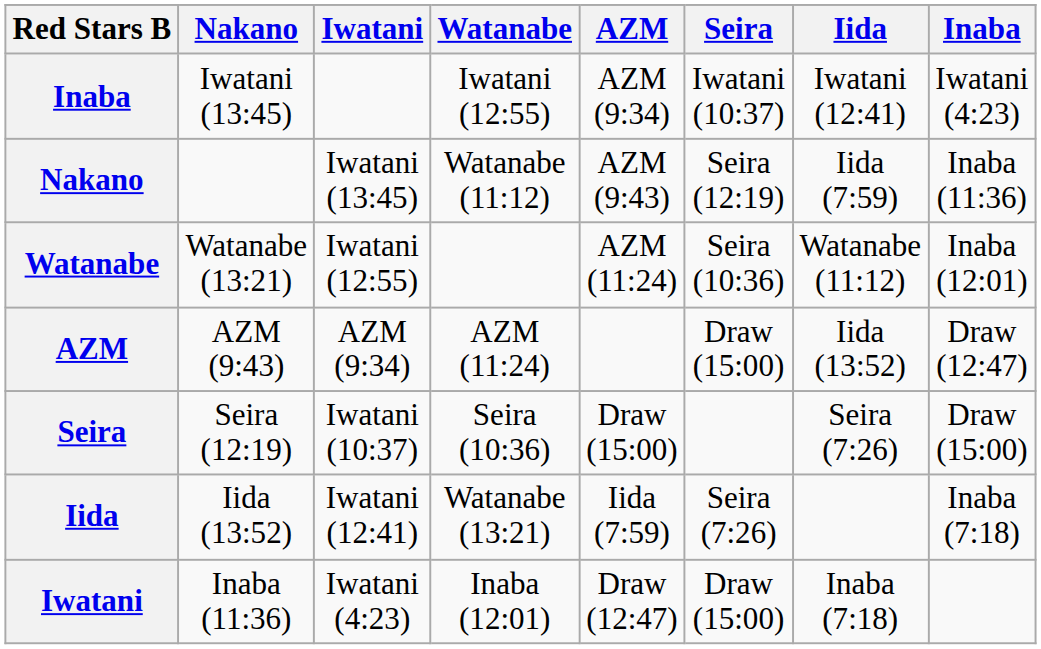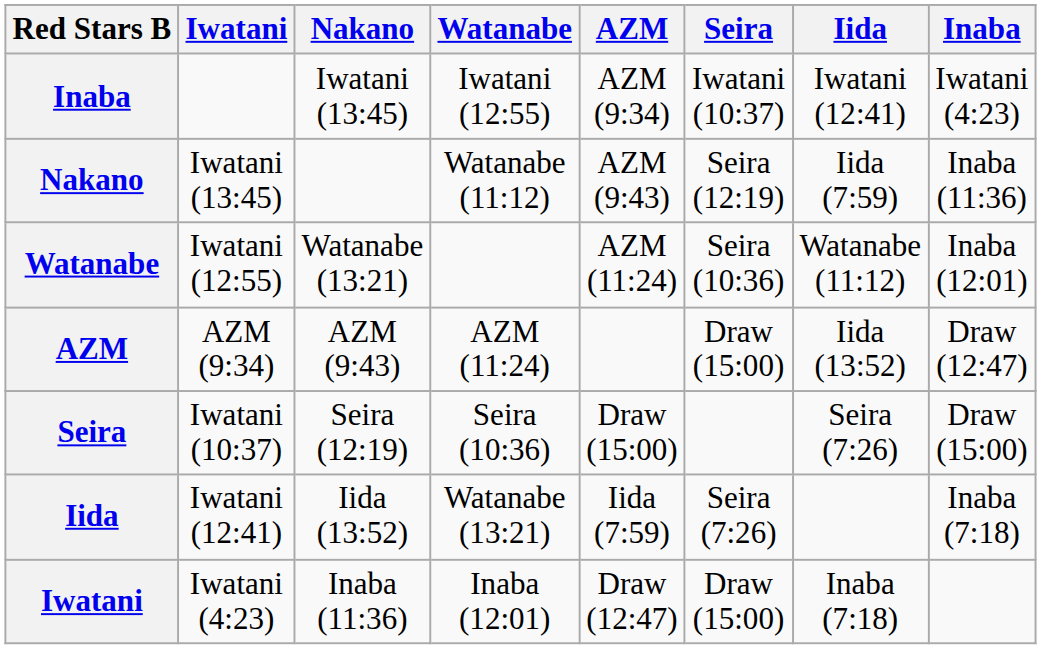 <table class="wikitable" style="text-align:center; margin: 1em auto 1em auto">
 <tr>
 <th>Red Stars B</th>
+<th><a href='#'>Iwatani</a></th>
 <th><a href='#'>Nakano</a></th>
-<th><a href='#'>Iwatani</a></th>
 <th><a href='#'>Watanabe</a></th>
 <th><a href='#'>AZM</a></th>
 <th><a href='#'>Seira</a></th>
 <th><a href='#'>Iida</a></th>
 <th><a href='#'>Inaba</a></th>
 </tr>
 <tr>
 <th><a href='#'>Inaba</a></th>
+<td></td>
 <td>Iwatani<br>(13:45)</td>
-<td></td>
 <td>Iwatani<br>(12:55)</td>
 <td>AZM<br>(9:34)</td>
 <td>Iwatani<br>(10:37)</td>
 <td>Iwatani<br>(12:41)</td>
 <td>Iwatani<br>(4:23)</td>
 </tr>
 <tr>
 <th><a href='#'>Nakano</a></th>
+<td>Iwatani<br>(13:45)</td>
 <td></td>
-<td>Iwatani<br>(13:45)</td>
 <td>Watanabe<br>(11:12)</td>
 <td>AZM<br>(9:43)</td>
 <td>Seira<br>(12:19)</td>
 <td>Iida<br>(7:59)</td>
 <td>Inaba<br>(11:36)</td>
 </tr>
 <tr>
 <th><a href='#'>Watanabe</a></th>
+<td>Iwatani<br>(12:55)</td>
 <td>Watanabe<br>(13:21)</td>
-<td>Iwatani<br>(12:55)</td>
 <td></td>
 <td>AZM<br>(11:24)</td>
 <td>Seira<br>(10:36)</td>
 <td>Watanabe<br>(11:12)</td>
 <td>Inaba<br>(12:01)</td>
 </tr>
 <tr>
 <th><a href='#'>AZM</a></th>
+<td>AZM<br>(9:34)</td>
 <td>AZM<br>(9:43)</td>
-<td>AZM<br>(9:34)</td>
 <td>AZM<br>(11:24)</td>
 <td></td>
 <td>Draw<br>(15:00)</td>
 <td>Iida<br>(13:52)</td>
 <td>Draw<br>(12:47)</td>
 </tr>
 <tr>
 <th><a href='#'>Seira</a></th>
+<td>Iwatani<br>(10:37)</td>
 <td>Seira<br>(12:19)</td>
-<td>Iwatani<br>(10:37)</td>
 <td>Seira<br>(10:36)</td>
 <td>Draw<br>(15:00)</td>
 <td></td>
 <td>Seira<br>(7:26)</td>
 <td>Draw<br>(15:00)</td>
 </tr>
 <tr>
 <th><a href='#'>Iida</a></th>
+<td>Iwatani<br>(12:41)</td>
 <td>Iida<br>(13:52)</td>
-<td>Iwatani<br>(12:41)</td>
 <td>Watanabe<br>(13:21)</td>
 <td>Iida<br>(7:59)</td>
 <td>Seira<br>(7:26)</td>
 <td></td>
 <td>Inaba<br>(7:18)</td>
 </tr>
 <tr>
 <th><a href='#'>Iwatani</a></th>
+<td>Iwatani<br>(4:23)</td>
 <td>Inaba<br>(11:36)</td>
-<td>Iwatani<br>(4:23)</td>
 <td>Inaba<br>(12:01)</td>
 <td>Draw<br>(12:47)</td>
 <td>Draw<br>(15:00)</td>
 <td>Inaba<br>(7:18)</td>
 <td></td>
 </tr>
 </table>
